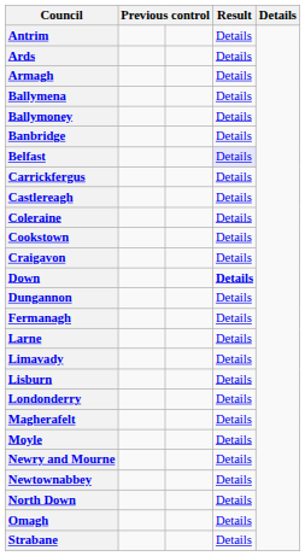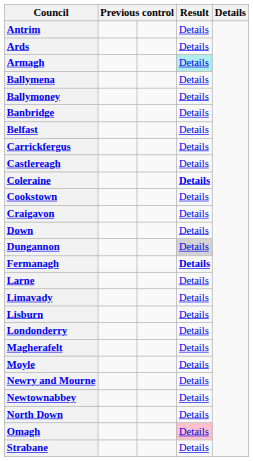 <table class="wikitable sortable" border="1">
 <tr>
 <th scope="col">Council</th>
 <th colspan=2>Previous control</th>
 <th colspan=2>Result</th>
 <th class="unsortable" scope="col">Details</th>
 </tr>
 <tr>
 <th scope="row" style="text-align: left;"><a href='#'>Antrim</a></th>
 <td></td>
 <td></td>
 <td><a href='#'>Details</a></td>
 </tr>
 <tr>
 <th scope="row" style="text-align: left;"><a href='#'>Ards</a></th>
 <td></td>
 <td></td>
 <td><a href='#'>Details</a></td>
 </tr>
 <tr>
 <th scope="row" style="text-align: left;"><a href='#'>Armagh</a></th>
 <td></td>
 <td></td>
-<td><a href='#'>Details</a></td>
+<td style="background: paleturquoise;"><a href='#'>Details</a></td>
 </tr>
 <tr>
 <th scope="row" style="text-align: left;"><a href='#'>Ballymena</a></th>
 <td></td>
 <td></td>
 <td><a href='#'>Details</a></td>
 </tr>
 <tr>
 <th scope="row" style="text-align: left;"><a href='#'>Ballymoney</a></th>
 <td></td>
 <td></td>
 <td><a href='#'>Details</a></td>
 </tr>
 <tr>
 <th scope="row" style="text-align: left;"><a href='#'>Banbridge</a></th>
 <td></td>
 <td></td>
 <td><a href='#'>Details</a></td>
 </tr>
 <tr>
 <th scope="row" style="text-align: left;"><a href='#'>Belfast</a></th>
 <td></td>
 <td></td>
-<td style="background: lavender;"><a href='#'>Details</a></td>
+<td><a href='#'>Details</a></td>
 </tr>
 <tr>
 <th scope="row" style="text-align: left;"><a href='#'>Carrickfergus</a></th>
 <td></td>
 <td></td>
 <td><a href='#'>Details</a></td>
 </tr>
 <tr>
 <th scope="row" style="text-align: left;"><a href='#'>Castlereagh</a></th>
 <td></td>
 <td></td>
 <td><a href='#'>Details</a></td>
 </tr>
 <tr>
 <th scope="row" style="text-align: left;"><a href='#'>Coleraine</a></th>
 <td></td>
 <td></td>
-<td><a href='#'>Details</a></td>
+<td><strong><a href='#'>Details</a></strong></td>
 </tr>
 <tr>
 <th scope="row" style="text-align: left;"><a href='#'>Cookstown</a></th>
 <td></td>
 <td></td>
 <td><a href='#'>Details</a></td>
 </tr>
 <tr>
 <th scope="row" style="text-align: left;"><a href='#'>Craigavon</a></th>
 <td></td>
 <td></td>
 <td><a href='#'>Details</a></td>
 </tr>
 <tr>
 <th scope="row" style="text-align: left;"><a href='#'>Down</a></th>
 <td></td>
 <td></td>
-<td><strong><a href='#'>Details</a></strong></td>
+<td><a href='#'>Details</a></td>
 </tr>
 <tr>
 <th scope="row" style="text-align: left;"><a href='#'>Dungannon</a></th>
 <td></td>
 <td></td>
-<td><a href='#'>Details</a></td>
+<td style="background: lightgrey;"><a href='#'>Details</a></td>
 </tr>
 <tr>
 <th scope="row" style="text-align: left;"><a href='#'>Fermanagh</a></th>
 <td></td>
 <td></td>
-<td><a href='#'>Details</a></td>
+<td><strong><a href='#'>Details</a></strong></td>
 </tr>
 <tr>
 <th scope="row" style="text-align: left;"><a href='#'>Larne</a></th>
 <td></td>
 <td></td>
 <td><a href='#'>Details</a></td>
 </tr>
 <tr>
 <th scope="row" style="text-align: left;"><a href='#'>Limavady</a></th>
 <td></td>
 <td></td>
 <td><a href='#'>Details</a></td>
 </tr>
 <tr>
 <th scope="row" style="text-align: left;"><a href='#'>Lisburn</a></th>
 <td></td>
 <td></td>
 <td><a href='#'>Details</a></td>
 </tr>
 <tr>
 <th scope="row" style="text-align: left;"><a href='#'>Londonderry</a></th>
 <td></td>
 <td></td>
 <td><a href='#'>Details</a></td>
 </tr>
 <tr>
 <th scope="row" style="text-align: left;"><a href='#'>Magherafelt</a></th>
 <td></td>
 <td></td>
 <td><a href='#'>Details</a></td>
 </tr>
 <tr>
 <th scope="row" style="text-align: left;"><a href='#'>Moyle</a></th>
 <td></td>
 <td></td>
 <td><a href='#'>Details</a></td>
 </tr>
 <tr>
 <th scope="row" style="text-align: left;"><a href='#'>Newry and Mourne</a></th>
 <td></td>
 <td></td>
 <td><a href='#'>Details</a></td>
 </tr>
 <tr>
 <th scope="row" style="text-align: left;"><a href='#'>Newtownabbey</a></th>
 <td></td>
 <td></td>
 <td><a href='#'>Details</a></td>
 </tr>
 <tr>
 <th scope="row" style="text-align: left;"><a href='#'>North Down</a></th>
 <td></td>
 <td></td>
 <td><a href='#'>Details</a></td>
 </tr>
 <tr>
 <th scope="row" style="text-align: left;"><a href='#'>Omagh</a></th>
 <td></td>
 <td></td>
-<td><a href='#'>Details</a></td>
+<td style="background: pink;"><a href='#'>Details</a></td>
 </tr>
 <tr>
 <th scope="row" style="text-align: left;"><a href='#'>Strabane</a></th>
 <td></td>
 <td></td>
 <td><a href='#'>Details</a></td>
 </tr>
 </table>
